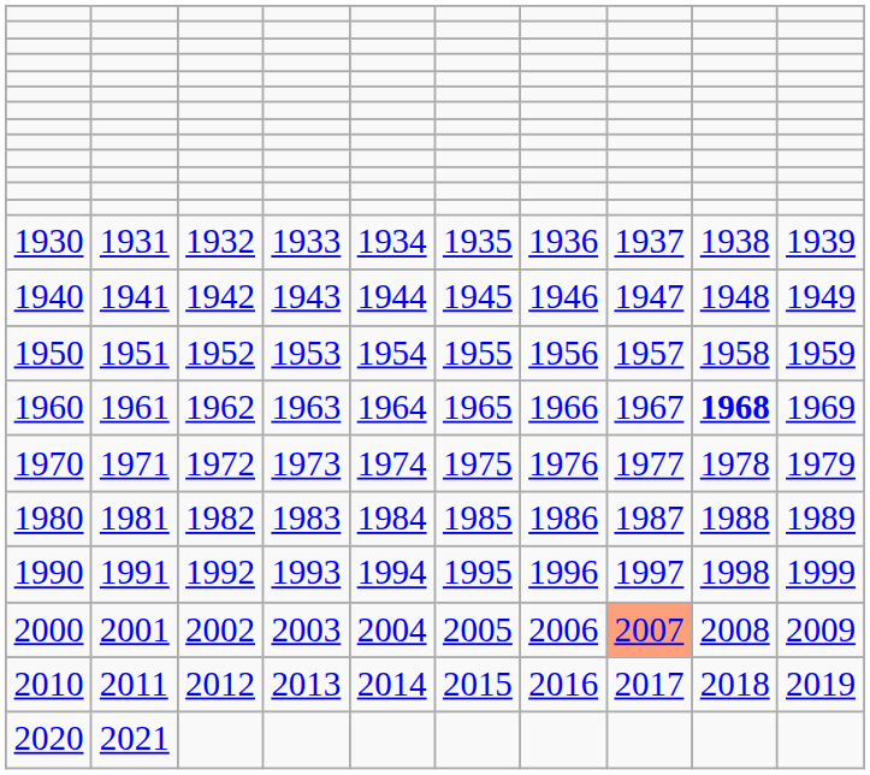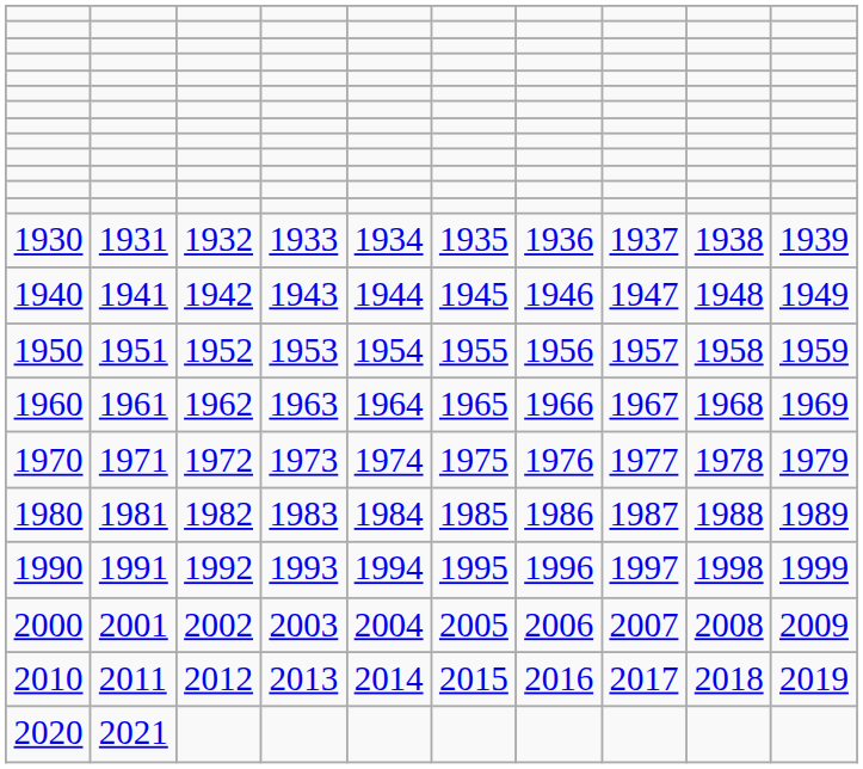 <table class="wikitable">
 <tr>
 <td></td>
 <td></td>
 <td></td>
 <td></td>
 <td></td>
 <td></td>
 <td></td>
 <td></td>
 <td></td>
 <td></td>
 </tr>
 <tr>
 <td></td>
 <td></td>
 <td></td>
 <td></td>
 <td></td>
 <td></td>
 <td></td>
 <td></td>
 <td></td>
 <td></td>
 </tr>
 <tr>
 <td></td>
 <td></td>
 <td></td>
 <td></td>
 <td></td>
 <td></td>
 <td></td>
 <td></td>
 <td></td>
 <td></td>
 </tr>
 <tr>
 <td></td>
 <td></td>
 <td></td>
 <td></td>
 <td></td>
 <td></td>
 <td></td>
 <td></td>
 <td></td>
 <td></td>
 </tr>
 <tr>
 <td></td>
 <td></td>
 <td></td>
 <td></td>
 <td></td>
 <td></td>
 <td></td>
 <td></td>
 <td></td>
 <td></td>
 </tr>
 <tr>
 <td></td>
 <td></td>
 <td></td>
 <td></td>
 <td></td>
 <td></td>
 <td></td>
 <td></td>
 <td></td>
 <td></td>
 </tr>
 <tr>
 <td></td>
 <td></td>
 <td></td>
 <td></td>
 <td></td>
 <td></td>
 <td></td>
 <td></td>
 <td></td>
 <td></td>
 </tr>
 <tr>
 <td></td>
 <td></td>
 <td></td>
 <td></td>
 <td></td>
 <td></td>
 <td></td>
 <td></td>
 <td></td>
 <td></td>
 </tr>
 <tr>
 <td></td>
 <td></td>
 <td></td>
 <td></td>
 <td></td>
 <td></td>
 <td></td>
 <td></td>
 <td></td>
 <td></td>
 </tr>
 <tr>
 <td></td>
 <td></td>
 <td></td>
 <td></td>
 <td></td>
 <td></td>
 <td></td>
 <td></td>
 <td></td>
 <td></td>
 </tr>
 <tr>
 <td></td>
 <td></td>
 <td></td>
 <td></td>
 <td></td>
 <td></td>
 <td></td>
 <td></td>
 <td></td>
 <td></td>
 </tr>
 <tr>
 <td></td>
 <td></td>
 <td></td>
 <td></td>
 <td></td>
 <td></td>
 <td></td>
 <td></td>
 <td></td>
 <td></td>
 </tr>
 <tr>
 <td></td>
 <td></td>
 <td></td>
 <td></td>
 <td></td>
 <td></td>
 <td></td>
 <td></td>
 <td></td>
 <td></td>
 </tr>
 <tr>
 <td><a href='#'>1930</a></td>
 <td><a href='#'>1931</a></td>
 <td><a href='#'>1932</a></td>
 <td><a href='#'>1933</a></td>
 <td><a href='#'>1934</a></td>
 <td><a href='#'>1935</a></td>
 <td><a href='#'>1936</a></td>
 <td><a href='#'>1937</a></td>
 <td><a href='#'>1938</a></td>
 <td><a href='#'>1939</a></td>
 </tr>
 <tr>
 <td><a href='#'>1940</a></td>
 <td><a href='#'>1941</a></td>
 <td><a href='#'>1942</a></td>
 <td><a href='#'>1943</a></td>
 <td><a href='#'>1944</a></td>
 <td><a href='#'>1945</a></td>
 <td><a href='#'>1946</a></td>
 <td><a href='#'>1947</a></td>
 <td><a href='#'>1948</a></td>
 <td><a href='#'>1949</a></td>
 </tr>
 <tr>
 <td><a href='#'>1950</a></td>
 <td><a href='#'>1951</a></td>
 <td><a href='#'>1952</a></td>
 <td><a href='#'>1953</a></td>
 <td><a href='#'>1954</a></td>
 <td><a href='#'>1955</a></td>
 <td><a href='#'>1956</a></td>
 <td><a href='#'>1957</a></td>
 <td><a href='#'>1958</a></td>
 <td><a href='#'>1959</a></td>
 </tr>
 <tr>
 <td><a href='#'>1960</a></td>
 <td><a href='#'>1961</a></td>
 <td><a href='#'>1962</a></td>
 <td><a href='#'>1963</a></td>
 <td><a href='#'>1964</a></td>
 <td><a href='#'>1965</a></td>
 <td><a href='#'>1966</a></td>
 <td><a href='#'>1967</a></td>
-<td><strong><a href='#'>1968</a></strong></td>
+<td><a href='#'>1968</a></td>
 <td><a href='#'>1969</a></td>
 </tr>
 <tr>
 <td><a href='#'>1970</a></td>
 <td><a href='#'>1971</a></td>
 <td><a href='#'>1972</a></td>
 <td><a href='#'>1973</a></td>
 <td><a href='#'>1974</a></td>
 <td><a href='#'>1975</a></td>
 <td><a href='#'>1976</a></td>
 <td><a href='#'>1977</a></td>
 <td><a href='#'>1978</a></td>
 <td><a href='#'>1979</a></td>
 </tr>
 <tr>
 <td><a href='#'>1980</a></td>
 <td><a href='#'>1981</a></td>
 <td><a href='#'>1982</a></td>
 <td><a href='#'>1983</a></td>
 <td><a href='#'>1984</a></td>
 <td><a href='#'>1985</a></td>
 <td><a href='#'>1986</a></td>
 <td><a href='#'>1987</a></td>
 <td><a href='#'>1988</a></td>
 <td><a href='#'>1989</a></td>
 </tr>
 <tr>
 <td><a href='#'>1990</a></td>
 <td><a href='#'>1991</a></td>
 <td><a href='#'>1992</a></td>
 <td><a href='#'>1993</a></td>
 <td><a href='#'>1994</a></td>
 <td><a href='#'>1995</a></td>
 <td><a href='#'>1996</a></td>
 <td><a href='#'>1997</a></td>
 <td><a href='#'>1998</a></td>
 <td><a href='#'>1999</a></td>
 </tr>
 <tr>
 <td><a href='#'>2000</a></td>
 <td><a href='#'>2001</a></td>
 <td><a href='#'>2002</a></td>
 <td><a href='#'>2003</a></td>
 <td><a href='#'>2004</a></td>
 <td><a href='#'>2005</a></td>
 <td><a href='#'>2006</a></td>
-<td style="background: lightsalmon;"><a href='#'>2007</a></td>
+<td><a href='#'>2007</a></td>
 <td><a href='#'>2008</a></td>
 <td><a href='#'>2009</a></td>
 </tr>
 <tr>
 <td><a href='#'>2010</a></td>
 <td><a href='#'>2011</a></td>
 <td><a href='#'>2012</a></td>
 <td><a href='#'>2013</a></td>
 <td><a href='#'>2014</a></td>
 <td><a href='#'>2015</a></td>
 <td><a href='#'>2016</a></td>
 <td><a href='#'>2017</a></td>
 <td><a href='#'>2018</a></td>
 <td><a href='#'>2019</a></td>
 </tr>
 <tr>
 <td><a href='#'>2020</a></td>
 <td><a href='#'>2021</a></td>
 <td></td>
 <td></td>
 <td></td>
 <td></td>
 <td></td>
 <td></td>
 <td></td>
 <td></td>
 </tr>
 </table>
